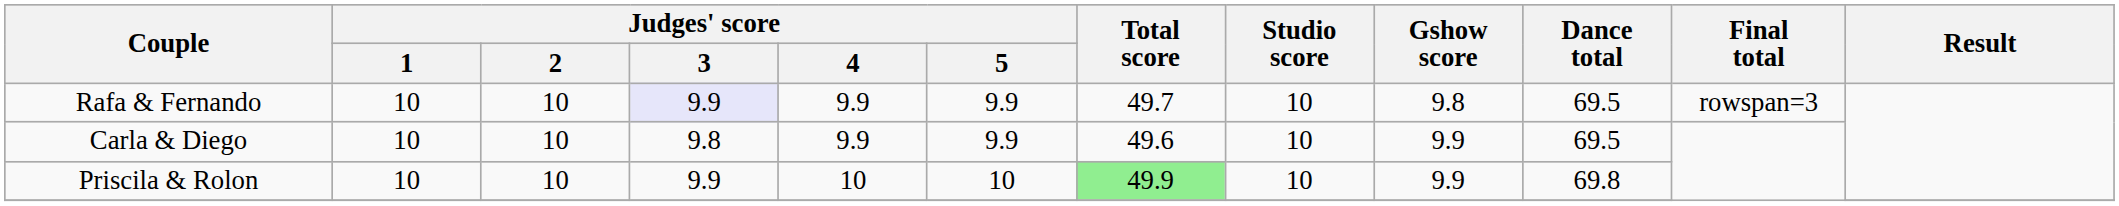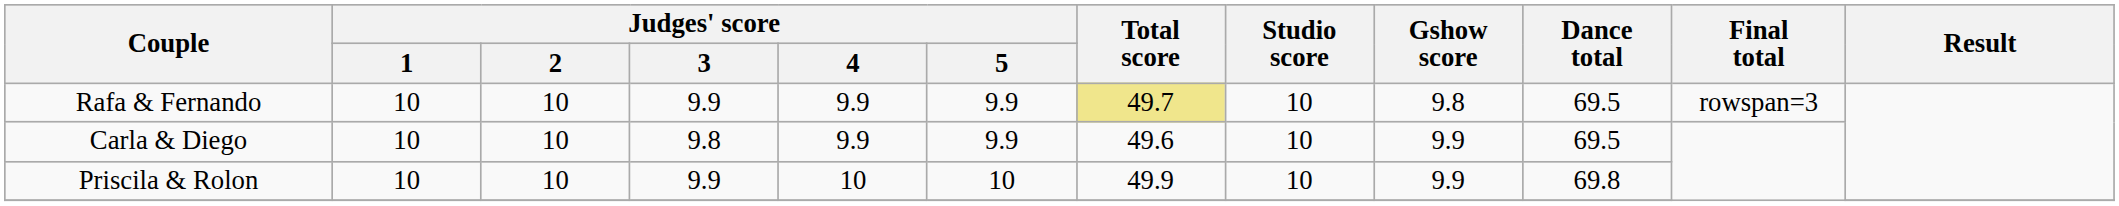 <table class="wikitable" style="font-size:100%; line-height:16px; text-align:center" width="100%">
 <tr>
 <th rowspan=2 width="11.00%">Couple</th>
 <th colspan=5 width="25.00%">Judges' score</th>
 <th rowspan=2 width="05.00%">Total<br>score</th>
 <th rowspan=2 width="05.00%">Studio<br>score</th>
 <th rowspan=2 width="05.00%">Gshow<br>score</th>
 <th rowspan=2 width="05.00%">Dance<br>total</th>
 <th rowspan=2 width="05.00%">Final<br>total</th>
 <th rowspan=2 width="09.00%">Result</th>
 </tr>
 <tr>
 <th width="05.00%">1</th>
 <th width="05.00%">2</th>
 <th width="05.00%">3</th>
 <th width="05.00%">4</th>
 <th width="05.00%">5</th>
 </tr>
 <tr>
 <td>Rafa & Fernando</td>
 <td>10</td>
 <td>10</td>
-<td style="background: lavender;">9.9</td>
 <td>9.9</td>
 <td>9.9</td>
-<td>49.7</td>
+<td>9.9</td>
+<td style="background: khaki;">49.7</td>
 <td>10</td>
 <td>9.8</td>
 <td>69.5</td>
 <td>rowspan=3 </td>
 <td rowspan=3></td>
 </tr>
 <tr>
 <td>Carla & Diego</td>
 <td>10</td>
 <td>10</td>
 <td>9.8</td>
 <td>9.9</td>
 <td>9.9</td>
 <td>49.6</td>
 <td>10</td>
 <td>9.9</td>
 <td>69.5</td>
 </tr>
 <tr>
 <td>Priscila & Rolon</td>
 <td>10</td>
 <td>10</td>
 <td>9.9</td>
 <td>10</td>
 <td>10</td>
-<td style="background: lightgreen;">49.9</td>
+<td>49.9</td>
 <td>10</td>
 <td>9.9</td>
 <td>69.8</td>
 </tr>
 <tr>
 </tr>
 </table>
